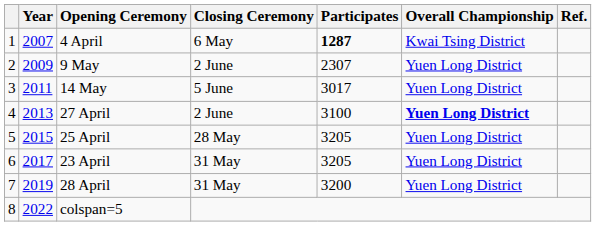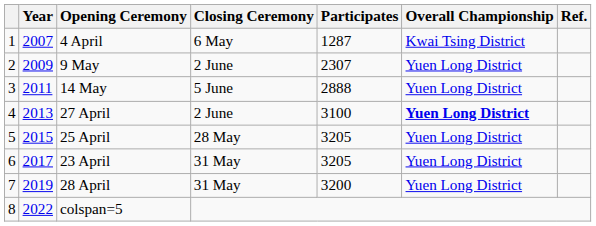 <table class="wikitable sortable">
 <tr>
 <th></th>
 <th>Year</th>
 <th class="unsortable">Opening Ceremony</th>
 <th class="unsortable">Closing Ceremony</th>
 <th>Participates</th>
 <th>Overall Championship</th>
 <th class="unsortable">Ref.</th>
 </tr>
 <tr>
 <td>1</td>
 <td><a href='#'>2007</a></td>
 <td>4 April</td>
 <td>6 May</td>
-<td><strong>1287</strong></td>
+<td>1287</td>
 <td><a href='#'>Kwai Tsing District</a></td>
 <td></td>
 </tr>
 <tr>
 <td>2</td>
 <td><a href='#'>2009</a></td>
 <td>9 May</td>
 <td>2 June</td>
 <td>2307</td>
 <td><a href='#'>Yuen Long District</a></td>
 <td></td>
 </tr>
 <tr>
 <td>3</td>
 <td><a href='#'>2011</a></td>
 <td>14 May</td>
 <td>5 June</td>
-<td>3017</td>
+<td>2888</td>
 <td><a href='#'>Yuen Long District</a></td>
 <td></td>
 </tr>
 <tr>
 <td>4</td>
 <td><a href='#'>2013</a></td>
 <td>27 April</td>
 <td>2 June</td>
 <td>3100</td>
 <td><strong><a href='#'>Yuen Long District</a></strong></td>
 <td></td>
 </tr>
 <tr>
 <td>5</td>
 <td><a href='#'>2015</a></td>
 <td>25 April</td>
 <td>28 May</td>
 <td>3205</td>
 <td><a href='#'>Yuen Long District</a></td>
 <td></td>
 </tr>
 <tr>
 <td>6</td>
 <td><a href='#'>2017</a></td>
 <td>23 April</td>
 <td>31 May</td>
 <td>3205</td>
 <td><a href='#'>Yuen Long District</a></td>
 <td></td>
 </tr>
 <tr>
 <td>7</td>
 <td><a href='#'>2019</a></td>
 <td>28 April</td>
 <td>31 May</td>
 <td>3200</td>
 <td><a href='#'>Yuen Long District</a></td>
 <td></td>
 </tr>
 <tr>
 <td>8</td>
 <td><a href='#'>2022</a></td>
 <td>colspan=5 </td>
 </tr>
 </table>
